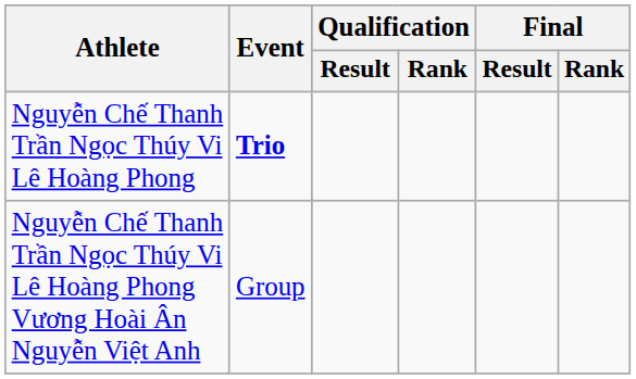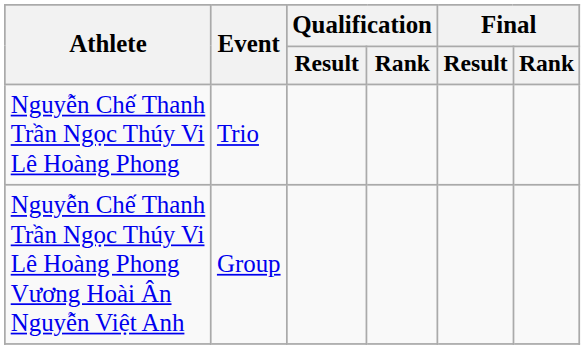 <table class="wikitable" style="font-size:90%">
 <tr>
 <th rowspan=2>Athlete</th>
 <th rowspan=2>Event</th>
 <th colspan=2>Qualification</th>
 <th colspan=2>Final</th>
 </tr>
 <tr style="font-size:95%">
 <th>Result</th>
 <th>Rank</th>
 <th>Result</th>
 <th>Rank</th>
 </tr>
 <tr align="center">
 <td align=left><a href='#'>Nguyễn Chế Thanh</a><br><a href='#'>Trần Ngọc Thúy Vi</a><br><a href='#'>Lê Hoàng Phong</a></td>
-<td align=left><strong><a href='#'>Trio</a></strong></td>
+<td align=left><a href='#'>Trio</a></td>
 <td></td>
 <td></td>
 <td></td>
 <td></td>
 </tr>
 <tr align="center">
 <td align=left><a href='#'>Nguyễn Chế Thanh</a><br><a href='#'>Trần Ngọc Thúy Vi</a><br><a href='#'>Lê Hoàng Phong</a><br><a href='#'>Vương Hoài Ân</a><br> <a href='#'>Nguyễn Việt Anh</a></td>
 <td align=left><a href='#'>Group</a></td>
 <td></td>
 <td></td>
 <td></td>
 <td></td>
 </tr>
 </table>
